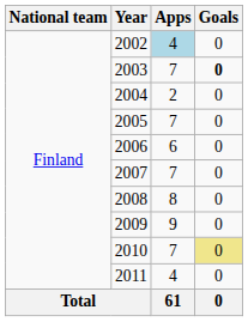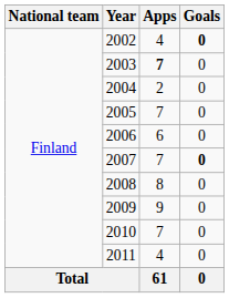 <table class="wikitable" style="text-align:center">
 <tr>
 <th>National team</th>
 <th>Year</th>
 <th>Apps</th>
 <th>Goals</th>
 </tr>
 <tr>
 <td rowspan="10"><a href='#'>Finland</a></td>
 <td>2002</td>
-<td style="background: lightblue;">4</td>
-<td>0</td>
+<td>4</td>
+<td><strong>0</strong></td>
 </tr>
 <tr>
 <td>2003</td>
-<td>7</td>
-<td><strong>0</strong></td>
+<td><strong>7</strong></td>
+<td>0</td>
 </tr>
 <tr>
 <td>2004</td>
 <td>2</td>
 <td>0</td>
 </tr>
 <tr>
 <td>2005</td>
 <td>7</td>
 <td>0</td>
 </tr>
 <tr>
 <td>2006</td>
 <td>6</td>
 <td>0</td>
 </tr>
 <tr>
 <td>2007</td>
 <td>7</td>
-<td>0</td>
+<td><strong>0</strong></td>
 </tr>
 <tr>
 <td>2008</td>
 <td>8</td>
 <td>0</td>
 </tr>
 <tr>
 <td>2009</td>
 <td>9</td>
 <td>0</td>
 </tr>
 <tr>
 <td>2010</td>
 <td>7</td>
-<td style="background: khaki;">0</td>
+<td>0</td>
 </tr>
 <tr>
 <td>2011</td>
 <td>4</td>
 <td>0</td>
 </tr>
 <tr>
 <th colspan="2">Total</th>
 <th>61</th>
 <th>0</th>
 </tr>
 </table>
